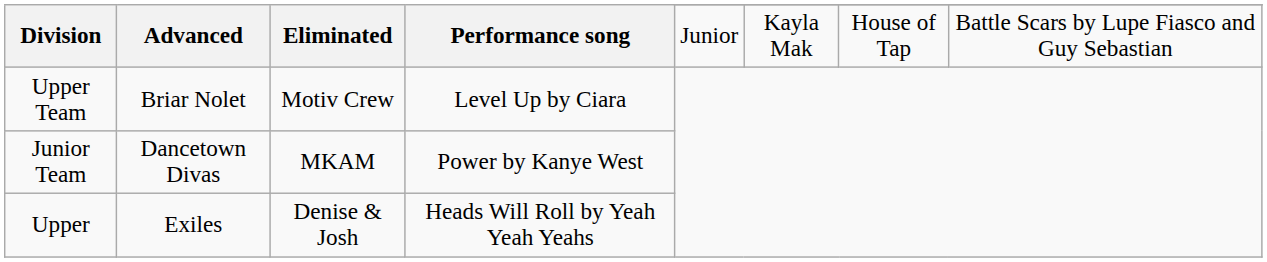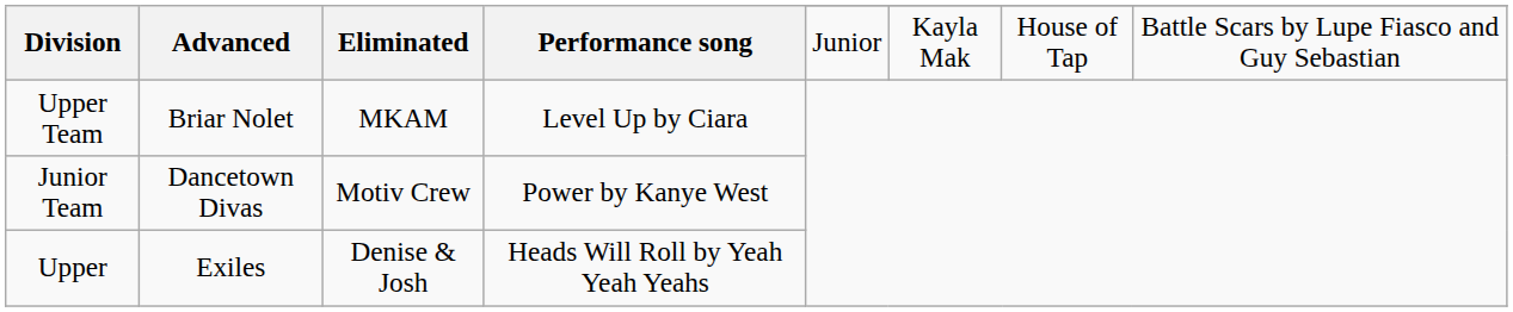 <table class="wikitable sortable" style="text-align:center;">
 <tr>
 <th scope="col" rowspan="2">Division</th>
 <th scope="col" rowspan="2" class="unsortable">Advanced</th>
 <th scope="col" rowspan="2" class="unsortable">Eliminated</th>
 <th scope="col" rowspan="2" class="unsortable">Performance song</th>
 </tr>
 <tr>
 <td>Junior</td>
 <td>Kayla Mak</td>
 <td>House of Tap</td>
 <td>Battle Scars by Lupe Fiasco and Guy Sebastian</td>
 </tr>
 <tr>
 <td>Upper Team</td>
 <td>Briar Nolet</td>
-<td>Motiv Crew</td>
+<td>MKAM</td>
 <td>Level Up by Ciara</td>
 </tr>
 <tr>
 <td>Junior Team</td>
 <td>Dancetown Divas</td>
-<td>MKAM</td>
+<td>Motiv Crew</td>
 <td>Power by Kanye West</td>
 </tr>
 <tr>
 <td>Upper</td>
 <td>Exiles</td>
 <td>Denise & Josh</td>
 <td>Heads Will Roll by Yeah Yeah Yeahs</td>
 </tr>
 </table>
